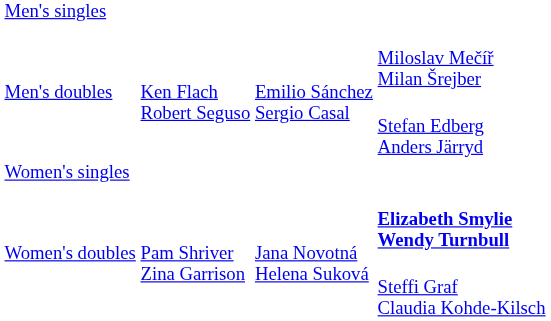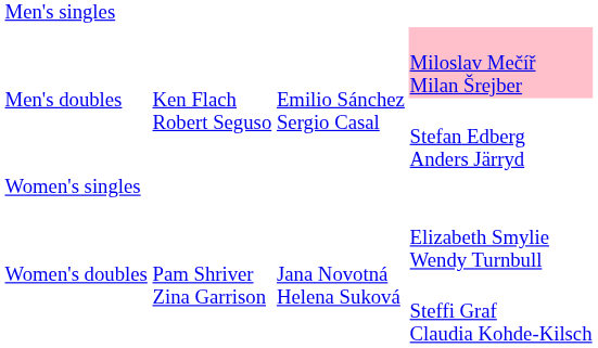 <table>
 <tr>
 <td rowspan=2><a href='#'>Men's singles</a></td>
 <td rowspan=2></td>
 <td rowspan=2></td>
 <td></td>
 </tr>
 <tr>
 <td></td>
 </tr>
 <tr>
 <td rowspan=2><a href='#'>Men's doubles</a></td>
 <td rowspan=2><br><a href='#'>Ken Flach</a><br><a href='#'>Robert Seguso</a></td>
 <td rowspan=2><br><a href='#'>Emilio Sánchez</a><br><a href='#'>Sergio Casal</a></td>
-<td><br><a href='#'>Miloslav Mečíř</a><br><a href='#'>Milan Šrejber</a></td>
+<td style="background: pink;"><br><a href='#'>Miloslav Mečíř</a><br><a href='#'>Milan Šrejber</a></td>
 </tr>
 <tr>
 <td><br><a href='#'>Stefan Edberg</a><br><a href='#'>Anders Järryd</a></td>
 </tr>
 <tr>
 <td rowspan=2><a href='#'>Women's singles</a></td>
 <td rowspan=2></td>
 <td rowspan=2></td>
 <td></td>
 </tr>
 <tr>
 <td></td>
 </tr>
 <tr>
 <td rowspan=2><a href='#'>Women's doubles</a></td>
 <td rowspan=2><br><a href='#'>Pam Shriver</a><br><a href='#'>Zina Garrison</a></td>
 <td rowspan=2><br><a href='#'>Jana Novotná</a><br><a href='#'>Helena Suková</a></td>
-<td><strong><br><a href='#'>Elizabeth Smylie</a><br><a href='#'>Wendy Turnbull</a></strong></td>
+<td><br><a href='#'>Elizabeth Smylie</a><br><a href='#'>Wendy Turnbull</a></td>
 </tr>
 <tr>
 <td><br><a href='#'>Steffi Graf</a><br><a href='#'>Claudia Kohde-Kilsch</a></td>
 </tr>
 </table>
